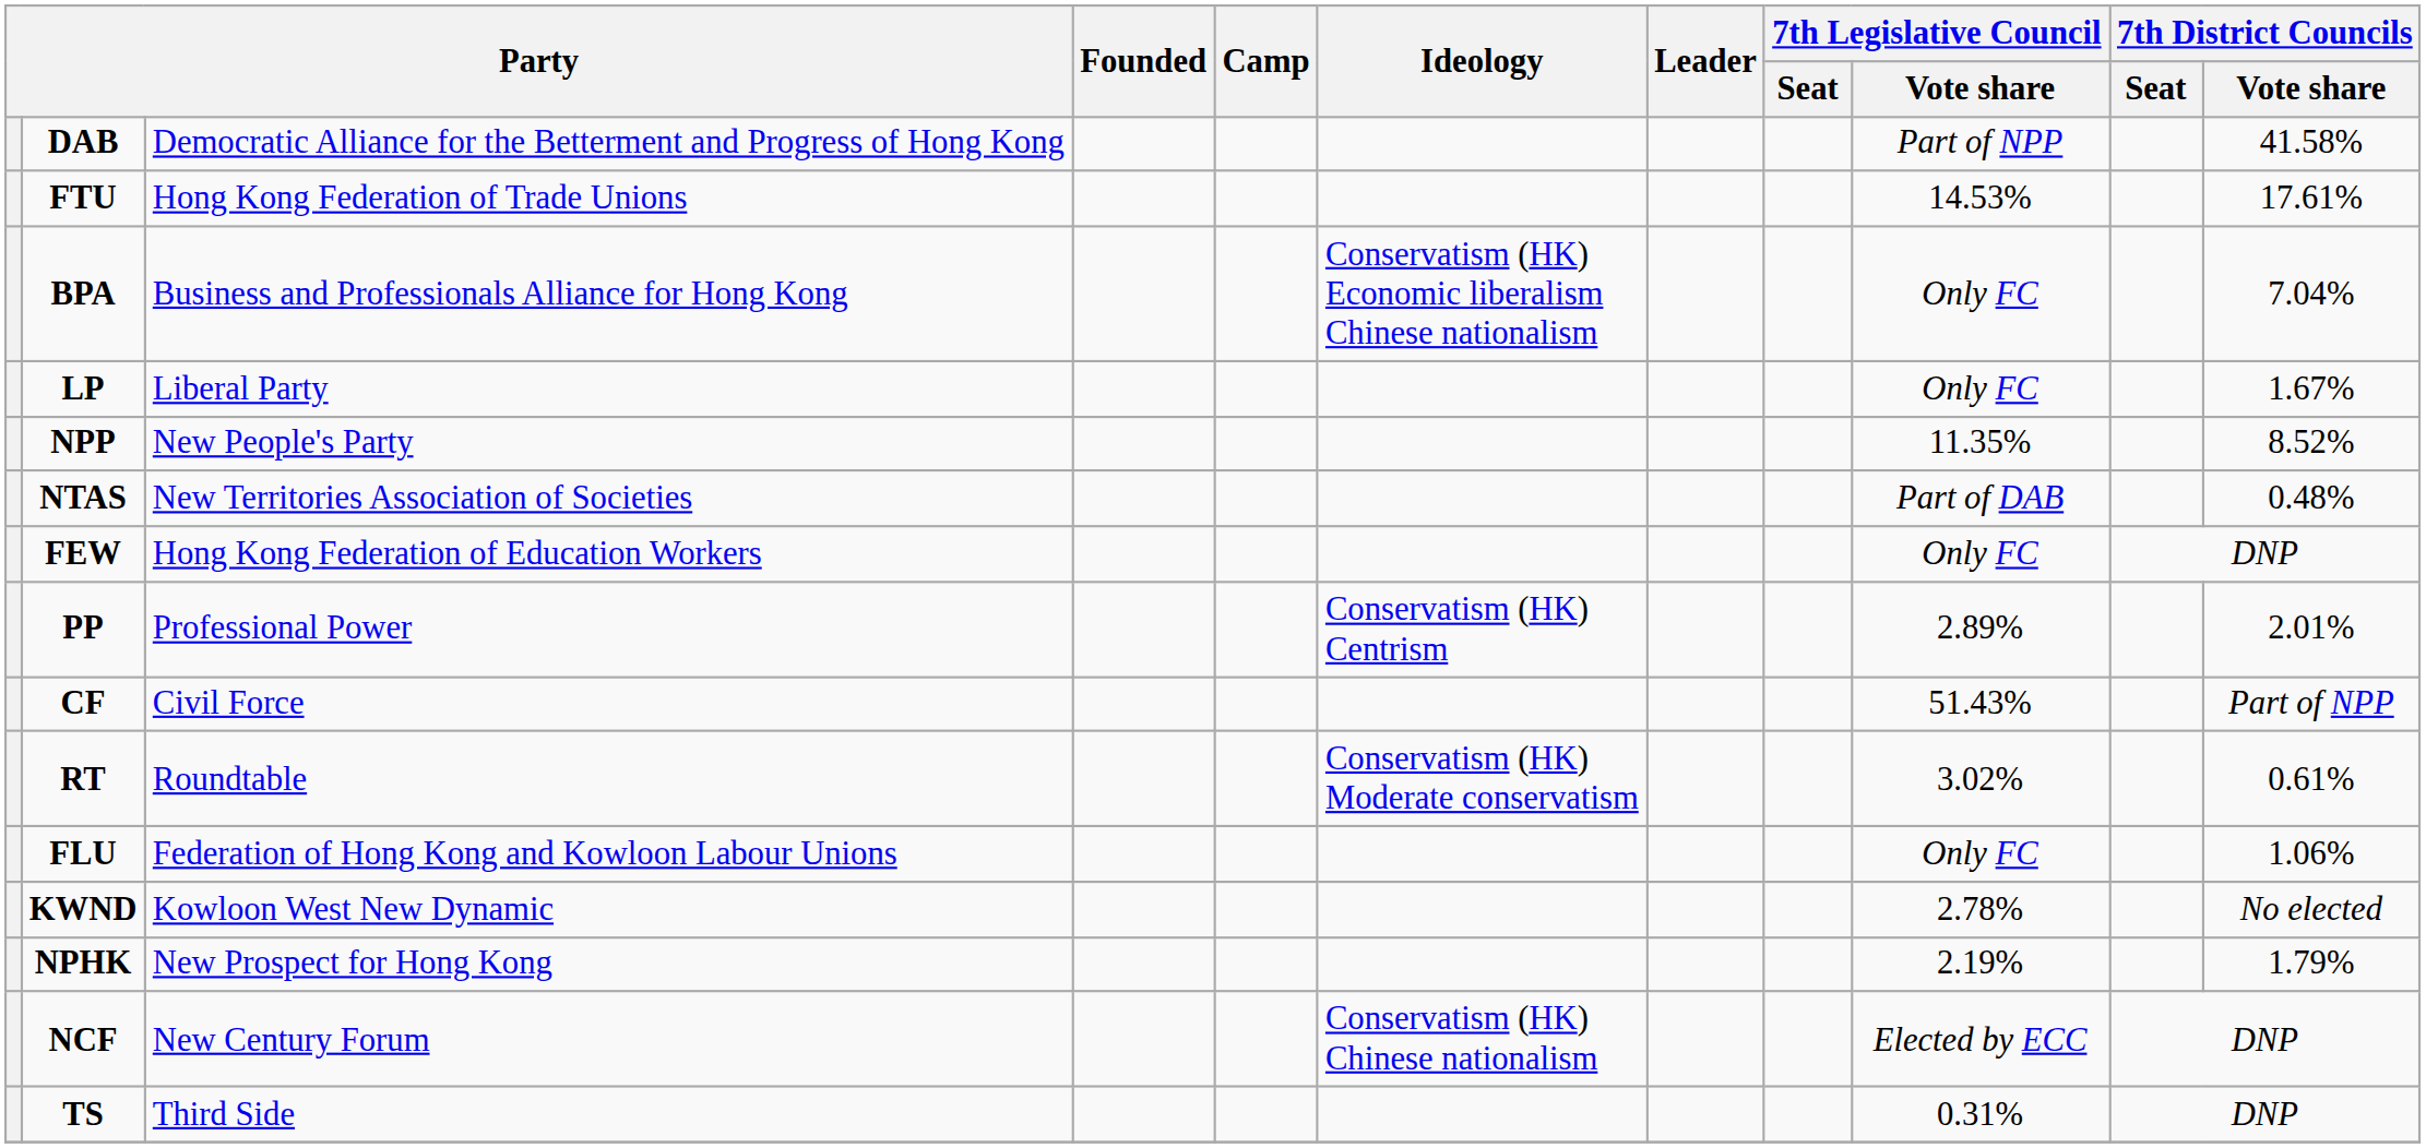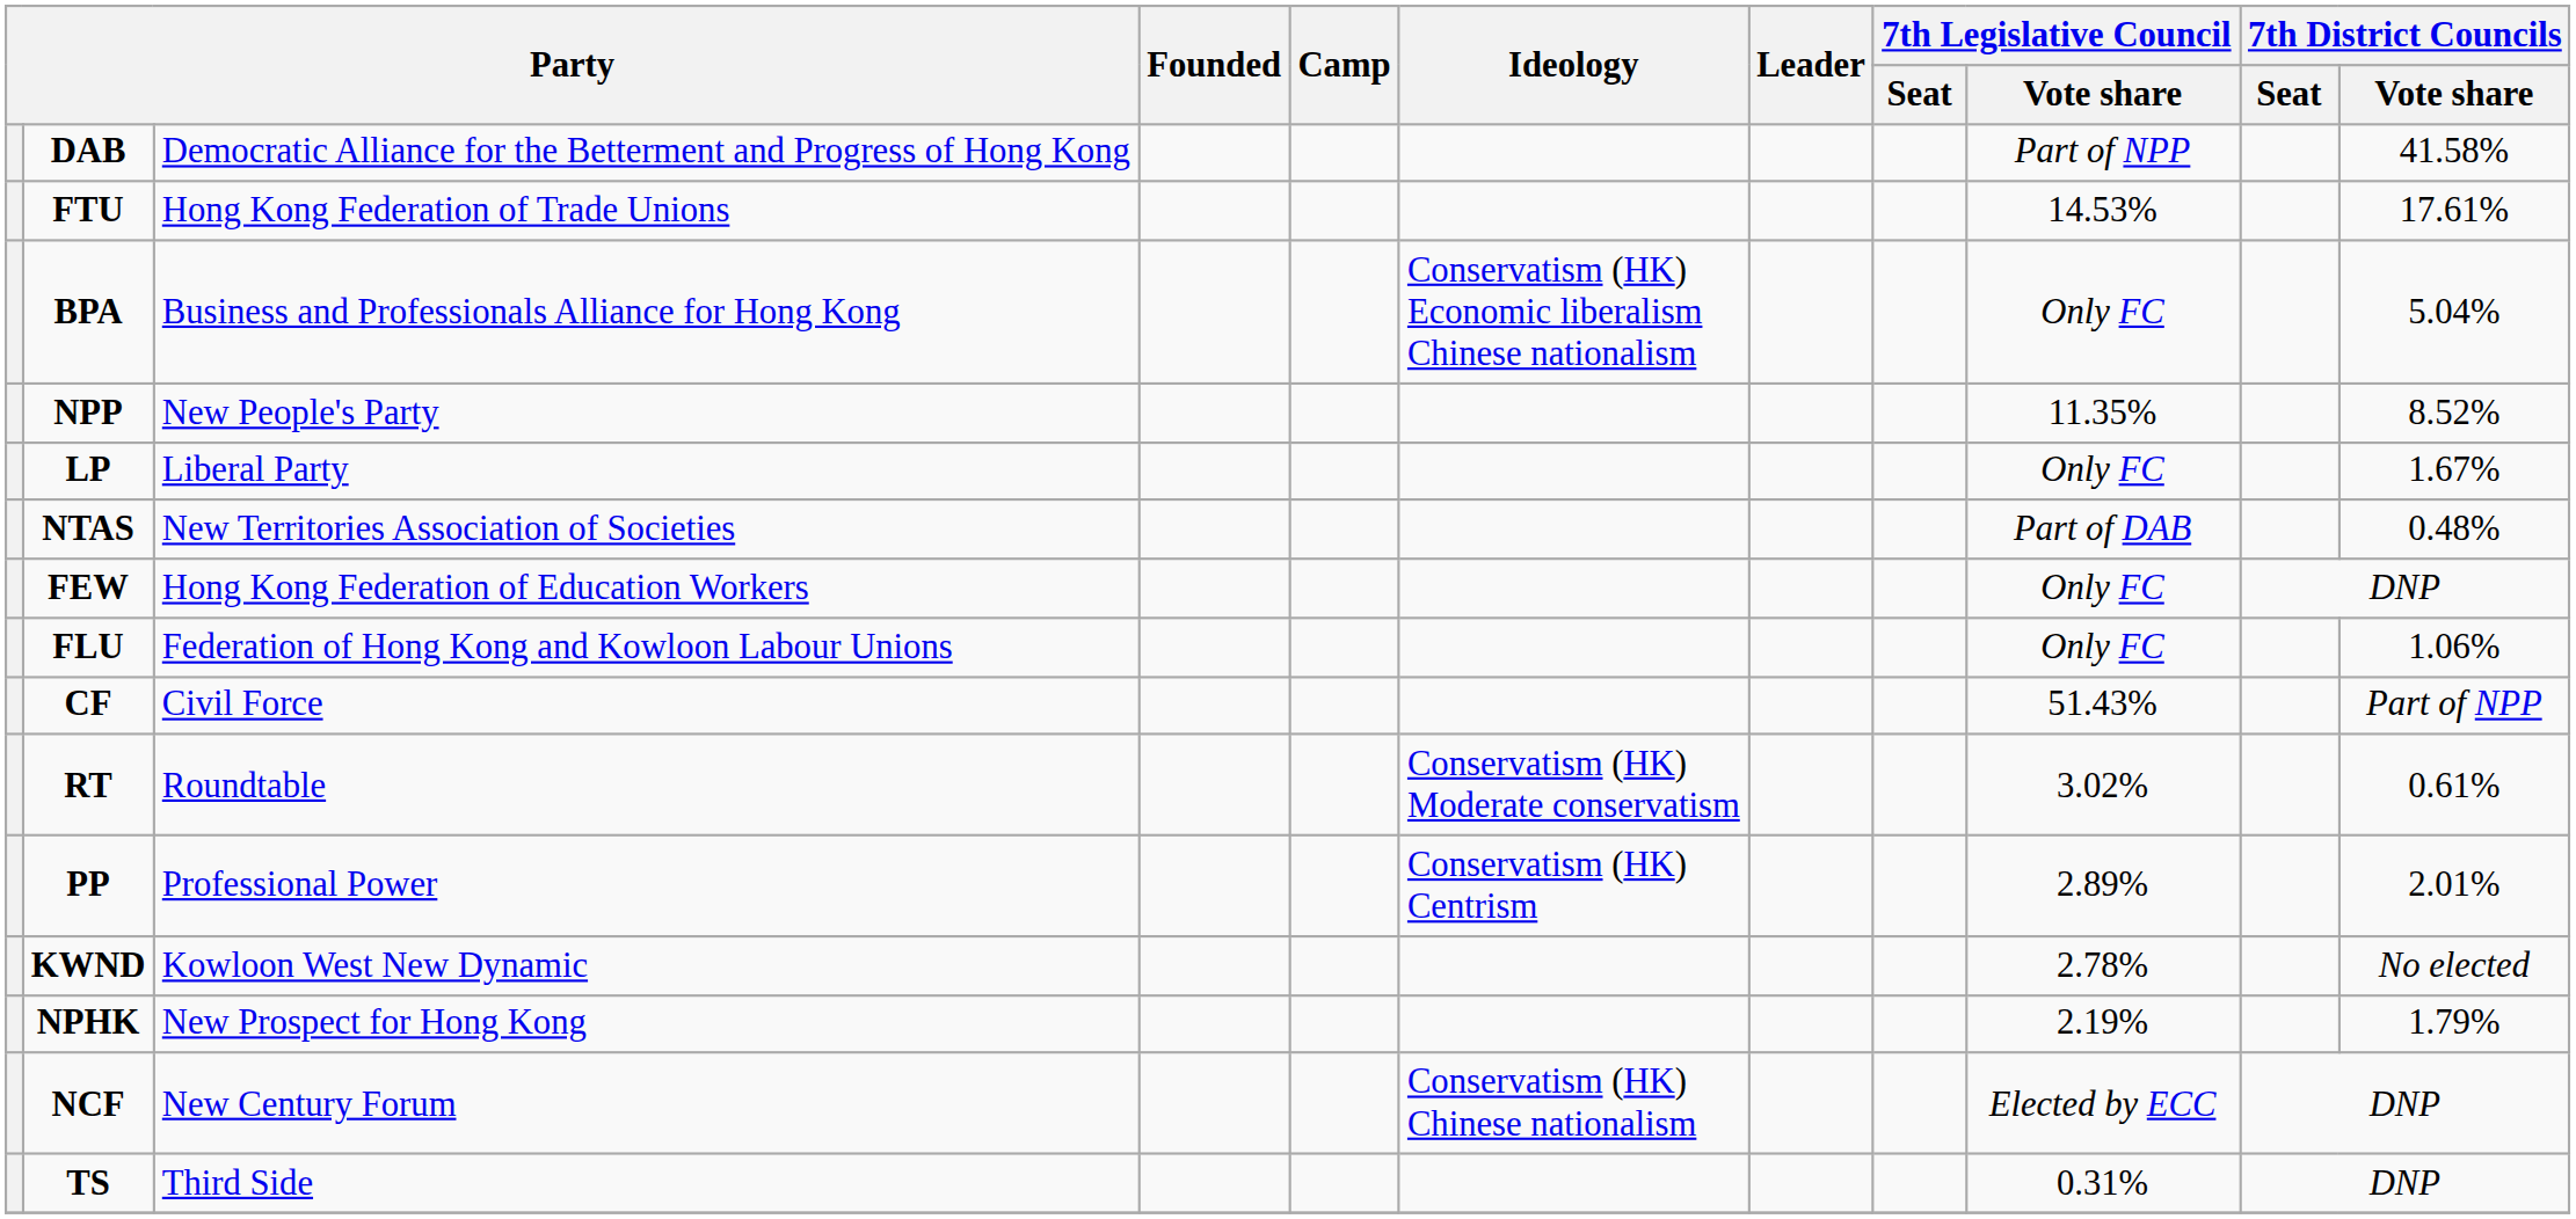 <table class="wikitable sortable" style="font-size:90%;">
 <tr>
 <th rowspan=2 colspan=3>Party</th>
 <th rowspan=2>Founded</th>
 <th rowspan=2>Camp</th>
 <th rowspan=2>Ideology</th>
 <th rowspan=2>Leader</th>
 <th colspan=2><a href='#'>7th Legislative Council</a></th>
 <th colspan="2"><a href='#'>7th District Councils</a></th>
 </tr>
 <tr>
 <th>Seat</th>
 <th>Vote share</th>
 <th>Seat</th>
 <th>Vote share</th>
 </tr>
 <tr>
 <th style="background:"></th>
 <td style="text-align:center"><strong>DAB</strong></td>
 <td><a href='#'>Democratic Alliance for the Betterment and Progress of Hong Kong</a><br><small></small></td>
 <td></td>
 <td></td>
 <td></td>
 <td></td>
 <td></td>
 <td style="text-align:center"><em>Part of <a href='#'>NPP</a></em></td>
 <td></td>
 <td style="text-align:center">41.58%</td>
 </tr>
 <tr>
 <th style="background:"></th>
 <td style="text-align:center"><strong>FTU</strong></td>
 <td><a href='#'>Hong Kong Federation of Trade Unions</a><br><small></small></td>
 <td></td>
 <td></td>
 <td></td>
 <td></td>
 <td></td>
 <td style="text-align:center">14.53%</td>
 <td></td>
 <td style="text-align:center">17.61%</td>
 </tr>
 <tr>
 <th style="background:"></th>
 <td style="text-align:center"><strong>BPA</strong></td>
 <td><a href='#'>Business and Professionals Alliance for Hong Kong</a><br><small></small></td>
 <td></td>
 <td></td>
 <td><a href='#'>Conservatism</a> (<a href='#'>HK</a>)<br><a href='#'>Economic liberalism</a><br><a href='#'>Chinese nationalism</a></td>
 <td></td>
 <td></td>
 <td style="text-align:center"><em>Only <a href='#'>FC</a></em></td>
 <td></td>
-<td style="text-align:center">7.04%</td>
+<td style="text-align:center">5.04%</td>
+</tr>
+<tr>
+<th style="background:"></th>
+<td style="text-align:center"><strong>NPP</strong></td>
+<td><a href='#'>New People's Party</a><br><small></small></td>
+<td></td>
+<td></td>
+<td></td>
+<td></td>
+<td></td>
+<td style="text-align:center">11.35%</td>
+<td></td>
+<td style="text-align:center">8.52%</td>
 </tr>
 <tr>
 <th style="background:"></th>
 <td style="text-align:center"><strong>LP</strong></td>
 <td><a href='#'>Liberal Party</a><br><small></small></td>
 <td></td>
 <td></td>
 <td></td>
 <td></td>
 <td></td>
 <td style="text-align:center"><em>Only <a href='#'>FC</a></em></td>
 <td></td>
 <td style="text-align:center">1.67%</td>
-</tr>
-<tr>
-<th style="background:"></th>
-<td style="text-align:center"><strong>NPP</strong></td>
-<td><a href='#'>New People's Party</a><br><small></small></td>
-<td></td>
-<td></td>
-<td></td>
-<td></td>
-<td></td>
-<td style="text-align:center">11.35%</td>
-<td></td>
-<td style="text-align:center">8.52%</td>
 </tr>
 <tr>
 <th style="background:"></th>
 <td style="text-align:center"><strong>NTAS</strong></td>
 <td><a href='#'>New Territories Association of Societies</a><br><small></small></td>
 <td></td>
 <td></td>
 <td></td>
 <td></td>
 <td></td>
 <td style="text-align:center"><em>Part of <a href='#'>DAB</a></em></td>
 <td></td>
 <td style="text-align:center">0.48%</td>
 </tr>
 <tr>
 <th style="background:"></th>
 <td style="text-align:center"><strong>FEW</strong></td>
 <td><a href='#'>Hong Kong Federation of Education Workers</a><br><small></small></td>
 <td></td>
 <td></td>
 <td></td>
 <td></td>
 <td></td>
 <td style="text-align:center"><em>Only <a href='#'>FC</a></em></td>
 <td style="text-align:center" colspan=2><em>DNP</em></td>
 </tr>
 <tr>
 <th style="background:"></th>
-<td style="text-align:center"><strong>PP</strong></td>
-<td><a href='#'>Professional Power</a><br><small></small></td>
+<td style="text-align:center"><strong>FLU</strong></td>
+<td><a href='#'>Federation of Hong Kong and Kowloon Labour Unions</a><br><small></small></td>
 <td></td>
 <td></td>
-<td><a href='#'>Conservatism</a> (<a href='#'>HK</a>)<br><a href='#'>Centrism</a></td>
 <td></td>
 <td></td>
-<td style="text-align:center">2.89%</td>
 <td></td>
-<td style="text-align:center">2.01%</td>
+<td style="text-align:center"><em>Only <a href='#'>FC</a></em></td>
+<td></td>
+<td style="text-align:center">1.06%</td>
 </tr>
 <tr>
 <th style="background:"></th>
 <td style="text-align:center"><strong>CF</strong></td>
 <td><a href='#'>Civil Force</a><br><small></small></td>
 <td></td>
 <td></td>
 <td></td>
 <td></td>
 <td></td>
 <td style="text-align:center">51.43%</td>
 <td></td>
 <td style="text-align:center"><em>Part of <a href='#'>NPP</a></em></td>
 </tr>
 <tr>
 <th style="background:"></th>
 <td style="text-align:center"><strong>RT</strong></td>
 <td><a href='#'>Roundtable</a><br><small></small></td>
 <td></td>
 <td></td>
 <td><a href='#'>Conservatism</a> (<a href='#'>HK</a>)<br><a href='#'>Moderate conservatism</a></td>
 <td></td>
 <td></td>
 <td style="text-align:center">3.02%</td>
 <td></td>
 <td style="text-align:center">0.61%</td>
 </tr>
 <tr>
 <th style="background:"></th>
-<td style="text-align:center"><strong>FLU</strong></td>
-<td><a href='#'>Federation of Hong Kong and Kowloon Labour Unions</a><br><small></small></td>
+<td style="text-align:center"><strong>PP</strong></td>
+<td><a href='#'>Professional Power</a><br><small></small></td>
 <td></td>
 <td></td>
+<td><a href='#'>Conservatism</a> (<a href='#'>HK</a>)<br><a href='#'>Centrism</a></td>
 <td></td>
 <td></td>
+<td style="text-align:center">2.89%</td>
 <td></td>
-<td style="text-align:center"><em>Only <a href='#'>FC</a></em></td>
-<td></td>
-<td style="text-align:center">1.06%</td>
+<td style="text-align:center">2.01%</td>
 </tr>
 <tr>
 <th style="background:"></th>
 <td style="text-align:center"><strong>KWND</strong></td>
 <td><a href='#'>Kowloon West New Dynamic</a><br><small></small></td>
 <td></td>
 <td></td>
 <td></td>
 <td></td>
 <td></td>
 <td style="text-align:center">2.78%</td>
 <td></td>
 <td style="text-align:center"><em>No elected</em></td>
 </tr>
 <tr>
 <th style="background:"></th>
 <td style="text-align:center"><strong>NPHK</strong></td>
 <td><a href='#'>New Prospect for Hong Kong</a><br><small></small></td>
 <td></td>
 <td></td>
 <td></td>
 <td></td>
 <td></td>
 <td style="text-align:center">2.19%</td>
 <td></td>
 <td style="text-align:center">1.79%</td>
 </tr>
 <tr>
 <th style="background:"></th>
 <td style="text-align:center"><strong>NCF</strong></td>
 <td><a href='#'>New Century Forum</a><br><small></small></td>
 <td></td>
 <td></td>
 <td><a href='#'>Conservatism</a> (<a href='#'>HK</a>)<br><a href='#'>Chinese nationalism</a></td>
 <td></td>
 <td></td>
 <td style="text-align:center"><em>Elected by <a href='#'>ECC</a></em></td>
 <td style="text-align:center" colspan=2><em>DNP</em></td>
 </tr>
 <tr>
 <th style="background:"></th>
 <td style="text-align:center"><strong>TS</strong></td>
 <td><a href='#'>Third Side</a><br><small></small></td>
 <td></td>
 <td></td>
 <td></td>
 <td></td>
 <td></td>
 <td style="text-align:center">0.31%</td>
 <td style="text-align:center" colspan=2><em>DNP</em></td>
 </tr>
 <tr>
 </tr>
 </table>
